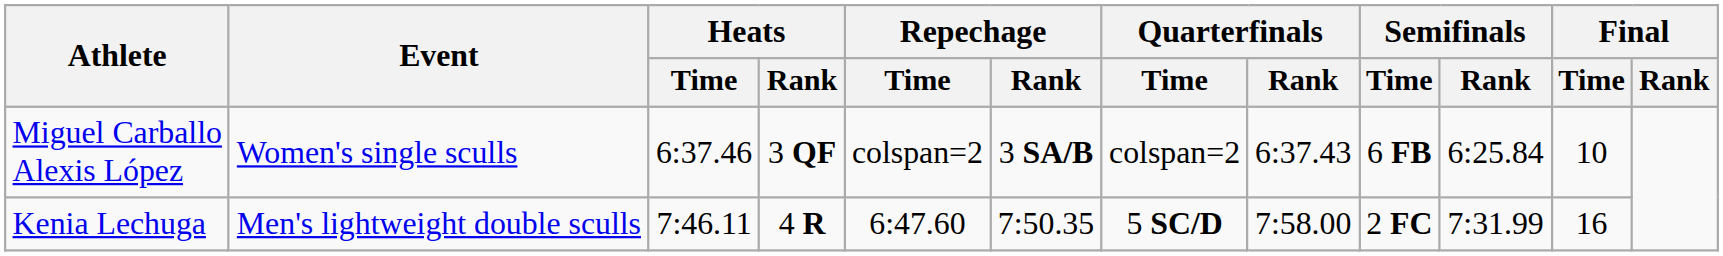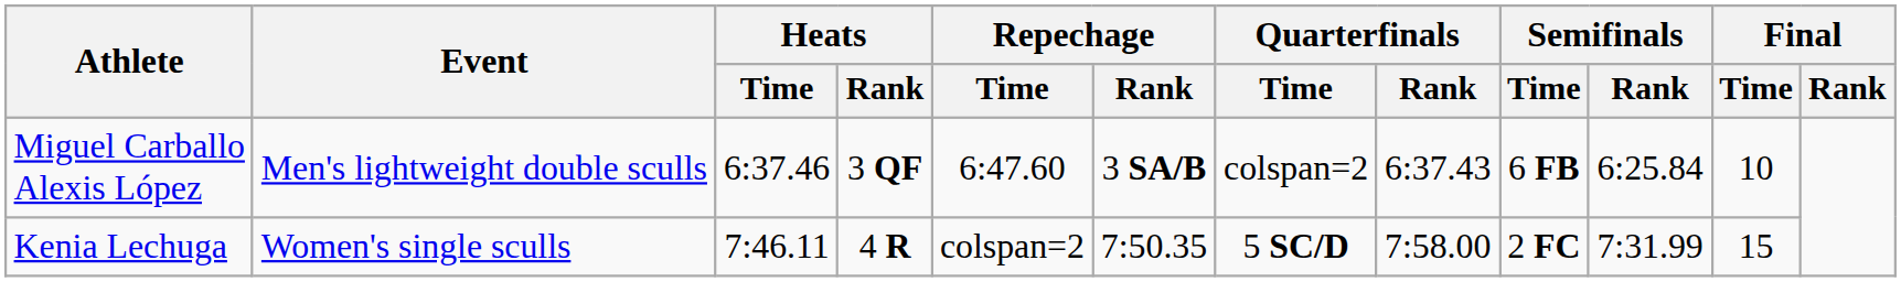 <table class=wikitable style=font-size:90%;text-align:center>
 <tr>
 <th rowspan=2>Athlete</th>
 <th rowspan=2>Event</th>
 <th colspan=2>Heats</th>
 <th colspan=2>Repechage</th>
 <th colspan=2>Quarterfinals</th>
 <th colspan=2>Semifinals</th>
 <th colspan=2>Final</th>
 </tr>
 <tr style=font-size:95%>
 <th>Time</th>
 <th>Rank</th>
 <th>Time</th>
 <th>Rank</th>
 <th>Time</th>
 <th>Rank</th>
 <th>Time</th>
 <th>Rank</th>
 <th>Time</th>
 <th>Rank</th>
 </tr>
 <tr>
 <td align=left><a href='#'>Miguel Carballo</a><br><a href='#'>Alexis López</a></td>
-<td align=left><a href='#'>Women's single sculls</a></td>
+<td align=left><a href='#'>Men's lightweight double sculls</a></td>
 <td>6:37.46</td>
 <td>3 <strong>QF</strong></td>
-<td>colspan=2 </td>
+<td>6:47.60</td>
 <td>3 <strong>SA/B</strong></td>
 <td>colspan=2 </td>
 <td>6:37.43</td>
 <td>6 <strong>FB</strong></td>
 <td>6:25.84</td>
 <td>10</td>
 </tr>
 <tr>
 <td align=left><a href='#'>Kenia Lechuga</a></td>
-<td align=left><a href='#'>Men's lightweight double sculls</a></td>
+<td align=left><a href='#'>Women's single sculls</a></td>
 <td>7:46.11</td>
 <td>4 <strong>R</strong></td>
-<td>6:47.60</td>
+<td>colspan=2 </td>
 <td>7:50.35</td>
 <td>5 <strong>SC/D</strong></td>
 <td>7:58.00</td>
 <td>2 <strong>FC</strong></td>
 <td>7:31.99</td>
-<td>16</td>
+<td>15</td>
 </tr>
 </table>
